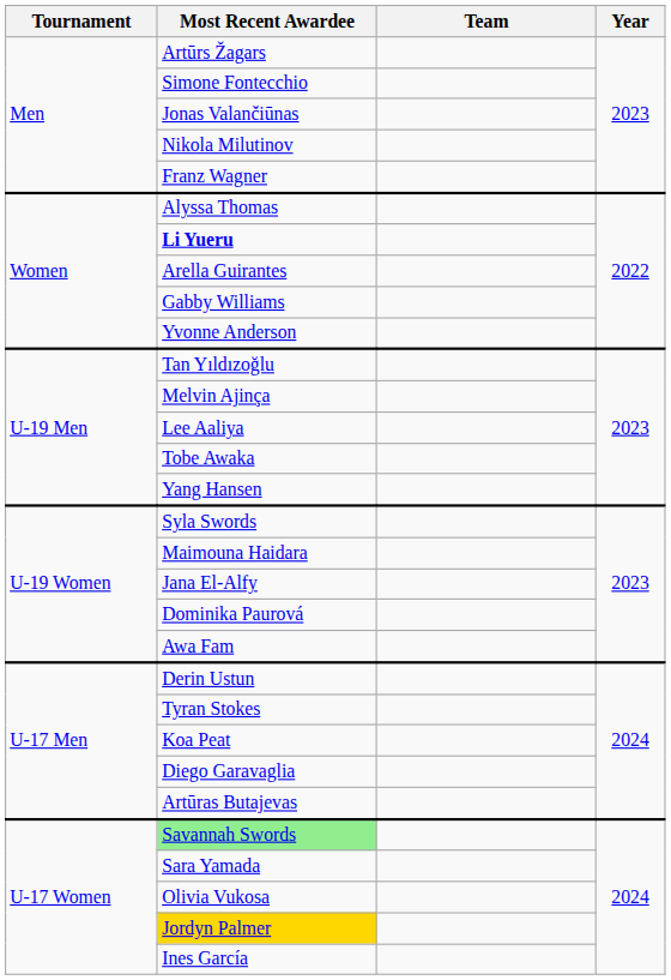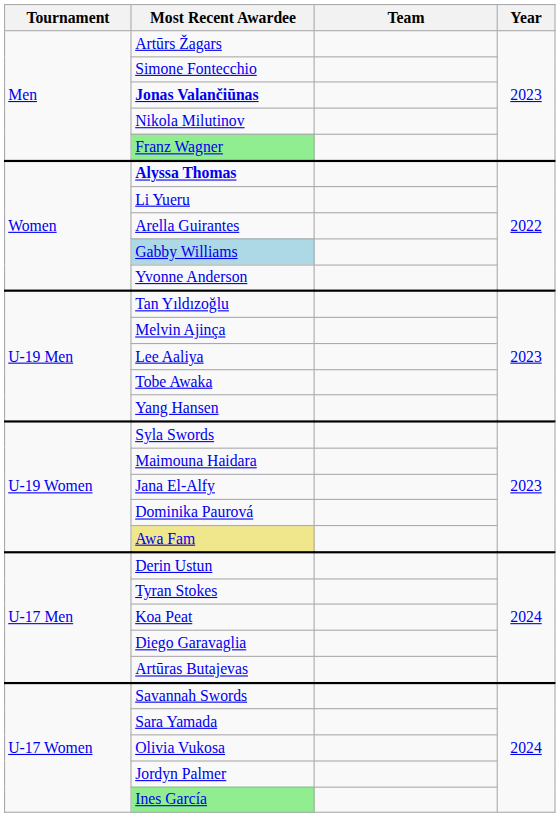 <table class="wikitable" style="width: 40%; font-size:90%">
 <tr>
 <th width=10%>Tournament</th>
 <th width=20%>Most Recent Awardee</th>
 <th width=20%>Team</th>
 <th width=5%>Year</th>
 </tr>
 <tr>
 <td rowspan=5><a href='#'>Men</a></td>
 <td><a href='#'>Artūrs Žagars</a></td>
 <td></td>
 <td rowspan=5; align=center><a href='#'>2023</a></td>
 </tr>
 <tr>
 <td><a href='#'>Simone Fontecchio</a></td>
 <td></td>
 </tr>
 <tr>
-<td><a href='#'>Jonas Valančiūnas</a></td>
+<td><strong><a href='#'>Jonas Valančiūnas</a></strong></td>
 <td></td>
 </tr>
 <tr>
 <td><a href='#'>Nikola Milutinov</a></td>
 <td></td>
 </tr>
 <tr>
-<td><a href='#'>Franz Wagner</a></td>
+<td style="background: lightgreen;"><a href='#'>Franz Wagner</a></td>
 <td></td>
 </tr>
 <tr style = "border-top:2px solid black;">
 <td rowspan=5><a href='#'>Women</a></td>
-<td><a href='#'>Alyssa Thomas</a></td>
+<td><strong><a href='#'>Alyssa Thomas</a></strong></td>
 <td></td>
 <td rowspan=5; align=center><a href='#'>2022</a></td>
 </tr>
 <tr>
-<td><strong><a href='#'>Li Yueru</a></strong></td>
+<td><a href='#'>Li Yueru</a></td>
 <td></td>
 </tr>
 <tr>
 <td><a href='#'>Arella Guirantes</a></td>
 <td></td>
 </tr>
 <tr>
-<td><a href='#'>Gabby Williams</a></td>
+<td style="background: lightblue;"><a href='#'>Gabby Williams</a></td>
 <td></td>
 </tr>
 <tr>
 <td><a href='#'>Yvonne Anderson</a></td>
 <td></td>
 </tr>
 <tr style = "border-top:2px solid black;">
 <td rowspan=5><a href='#'>U-19 Men</a></td>
 <td><a href='#'>Tan Yıldızoğlu</a></td>
 <td></td>
 <td rowspan=5; align=center><a href='#'>2023</a></td>
 </tr>
 <tr>
 <td><a href='#'>Melvin Ajinça</a></td>
 <td></td>
 </tr>
 <tr>
 <td><a href='#'>Lee Aaliya</a></td>
 <td></td>
 </tr>
 <tr>
 <td><a href='#'>Tobe Awaka</a></td>
 <td></td>
 </tr>
 <tr>
 <td><a href='#'>Yang Hansen</a></td>
 <td></td>
 </tr>
 <tr style = "border-top:2px solid black;">
 <td rowspan=5><a href='#'>U-19 Women</a></td>
 <td><a href='#'>Syla Swords</a></td>
 <td></td>
 <td rowspan=5; align=center><a href='#'>2023</a></td>
 </tr>
 <tr>
 <td><a href='#'>Maimouna Haidara</a></td>
 <td></td>
 </tr>
 <tr>
 <td><a href='#'>Jana El-Alfy</a></td>
 <td></td>
 </tr>
 <tr>
 <td><a href='#'>Dominika Paurová</a></td>
 <td></td>
 </tr>
 <tr>
-<td><a href='#'>Awa Fam</a></td>
+<td style="background: khaki;"><a href='#'>Awa Fam</a></td>
 <td></td>
 </tr>
 <tr style = "border-top:2px solid black;">
 <td rowspan=5><a href='#'>U-17 Men</a></td>
 <td><a href='#'>Derin Ustun</a></td>
 <td></td>
 <td rowspan=5; align=center><a href='#'>2024</a></td>
 </tr>
 <tr>
 <td><a href='#'>Tyran Stokes</a></td>
 <td></td>
 </tr>
 <tr>
 <td><a href='#'>Koa Peat</a></td>
 <td></td>
 </tr>
 <tr>
 <td><a href='#'>Diego Garavaglia</a></td>
 <td></td>
 </tr>
 <tr>
 <td><a href='#'>Artūras Butajevas</a></td>
 <td></td>
 </tr>
 <tr style = "border-top:2px solid black;">
 <td rowspan=5><a href='#'>U-17 Women</a></td>
-<td style="background: lightgreen;"><a href='#'>Savannah Swords</a></td>
+<td><a href='#'>Savannah Swords</a></td>
 <td></td>
 <td rowspan=5; align=center><a href='#'>2024</a></td>
 </tr>
 <tr>
 <td><a href='#'>Sara Yamada</a></td>
 <td></td>
 </tr>
 <tr>
 <td><a href='#'>Olivia Vukosa</a></td>
 <td></td>
 </tr>
 <tr>
-<td style="background: gold;"><a href='#'>Jordyn Palmer</a></td>
+<td><a href='#'>Jordyn Palmer</a></td>
 <td></td>
 </tr>
 <tr>
-<td><a href='#'>Ines García</a></td>
+<td style="background: lightgreen;"><a href='#'>Ines García</a></td>
 <td></td>
 </tr>
 </table>
